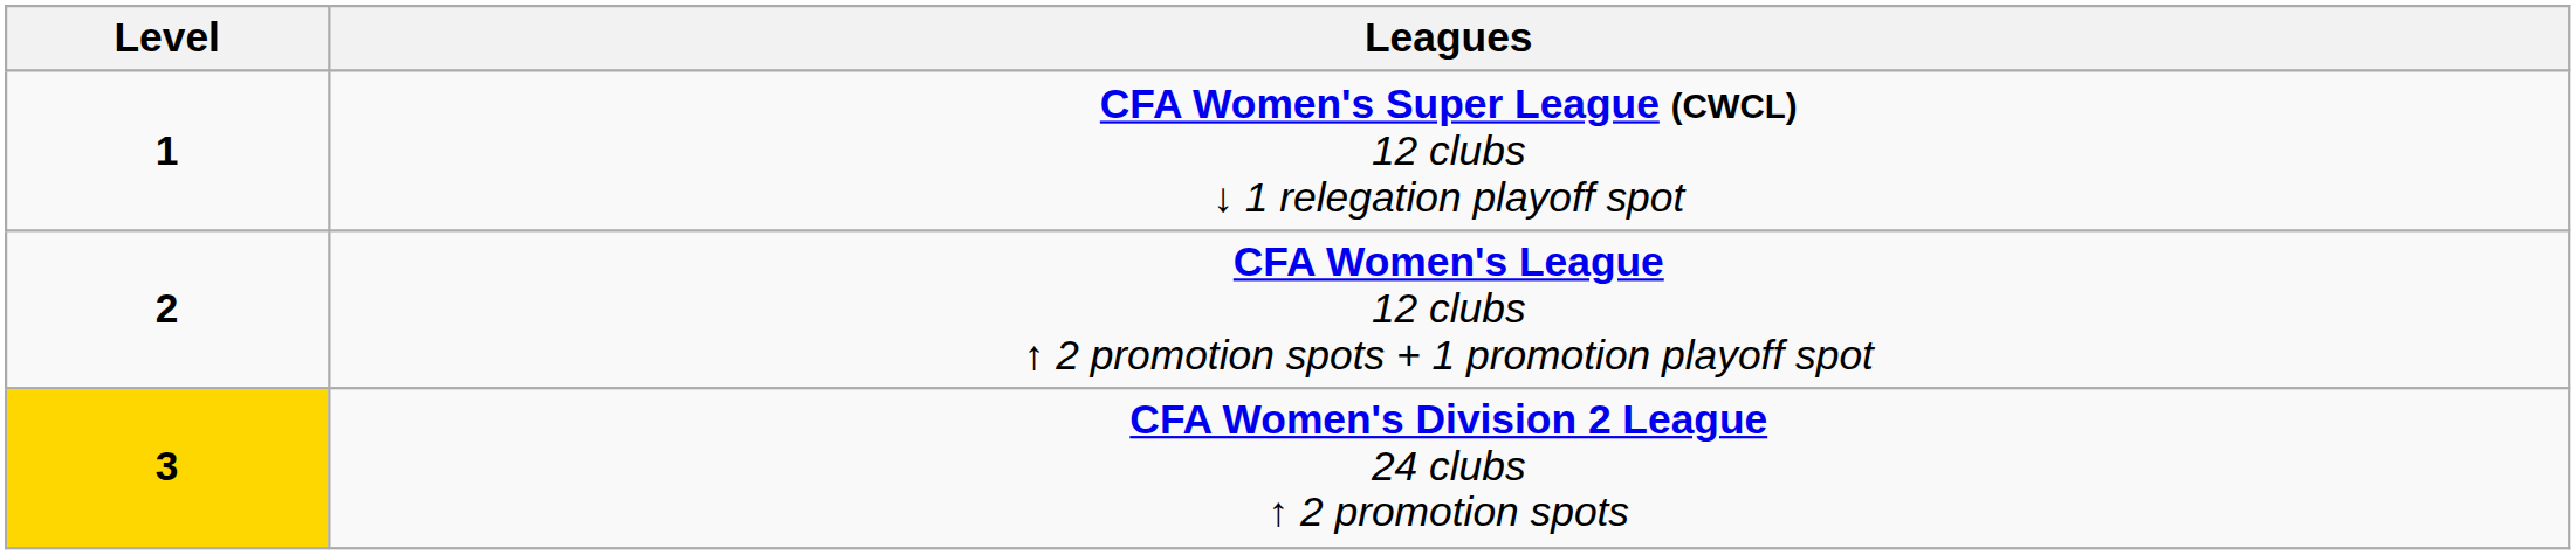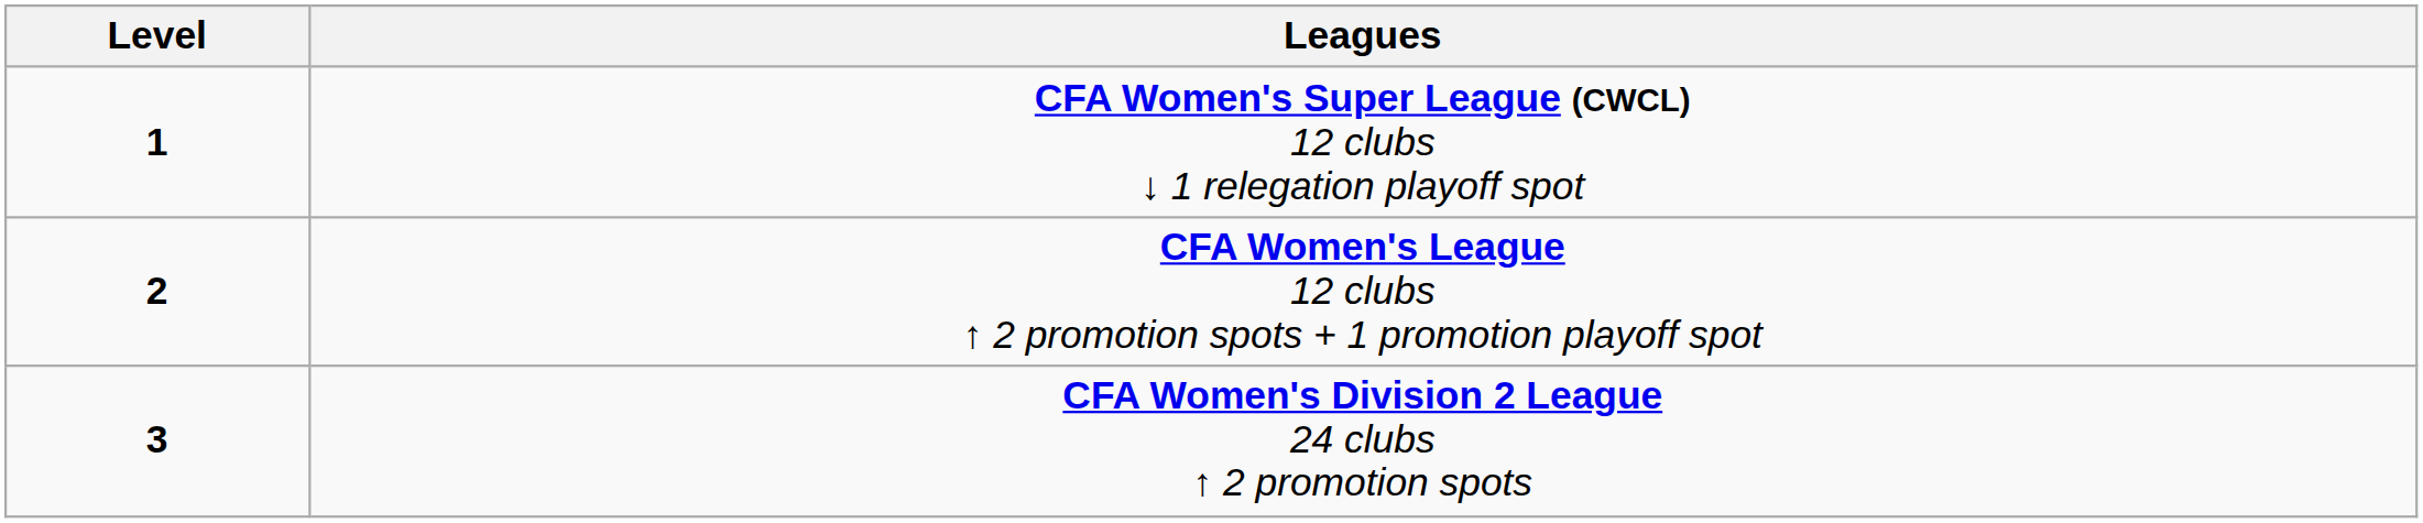 <table class="wikitable" style="text-align: center;" width="50%">
 <tr>
 <th>Level</th>
 <th>Leagues</th>
 </tr>
 <tr>
 <td><strong>1</strong></td>
 <td><strong><a href='#'>CFA Women's Super League</a></strong> <small><strong>(CWCL)</strong></small><br><em>12 clubs</em><br><em>↓ 1 relegation playoff spot</em></td>
 </tr>
 <tr>
 <td><strong>2</strong></td>
 <td><strong><a href='#'>CFA Women's League</a></strong><br><em>12 clubs</em><br><em>↑ 2 promotion spots + 1 promotion playoff spot</em></td>
 </tr>
 <tr>
-<td style="background: gold;"><strong>3</strong></td>
+<td><strong>3</strong></td>
 <td><strong><a href='#'>CFA Women's Division 2 League</a></strong><br><em>24 clubs</em><br><em>↑ 2 promotion spots</em></td>
 </tr>
 </table>
